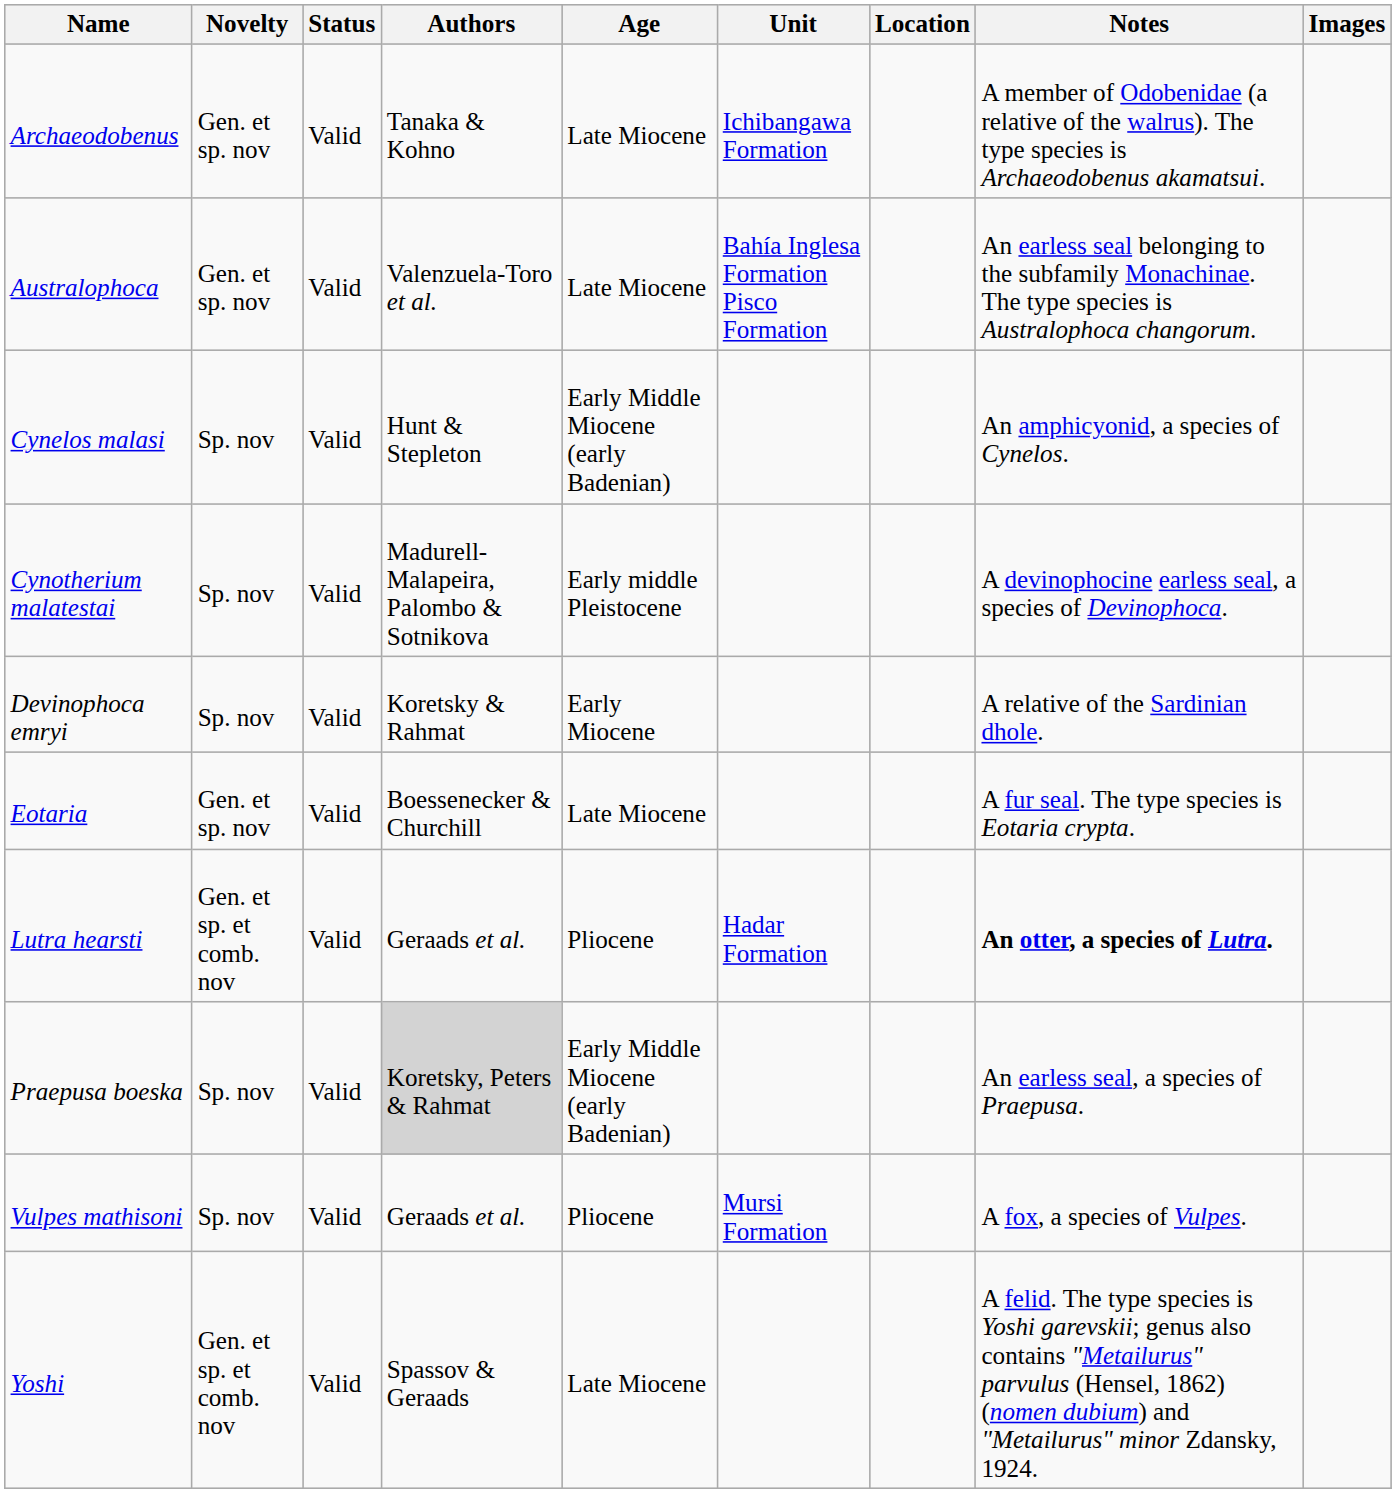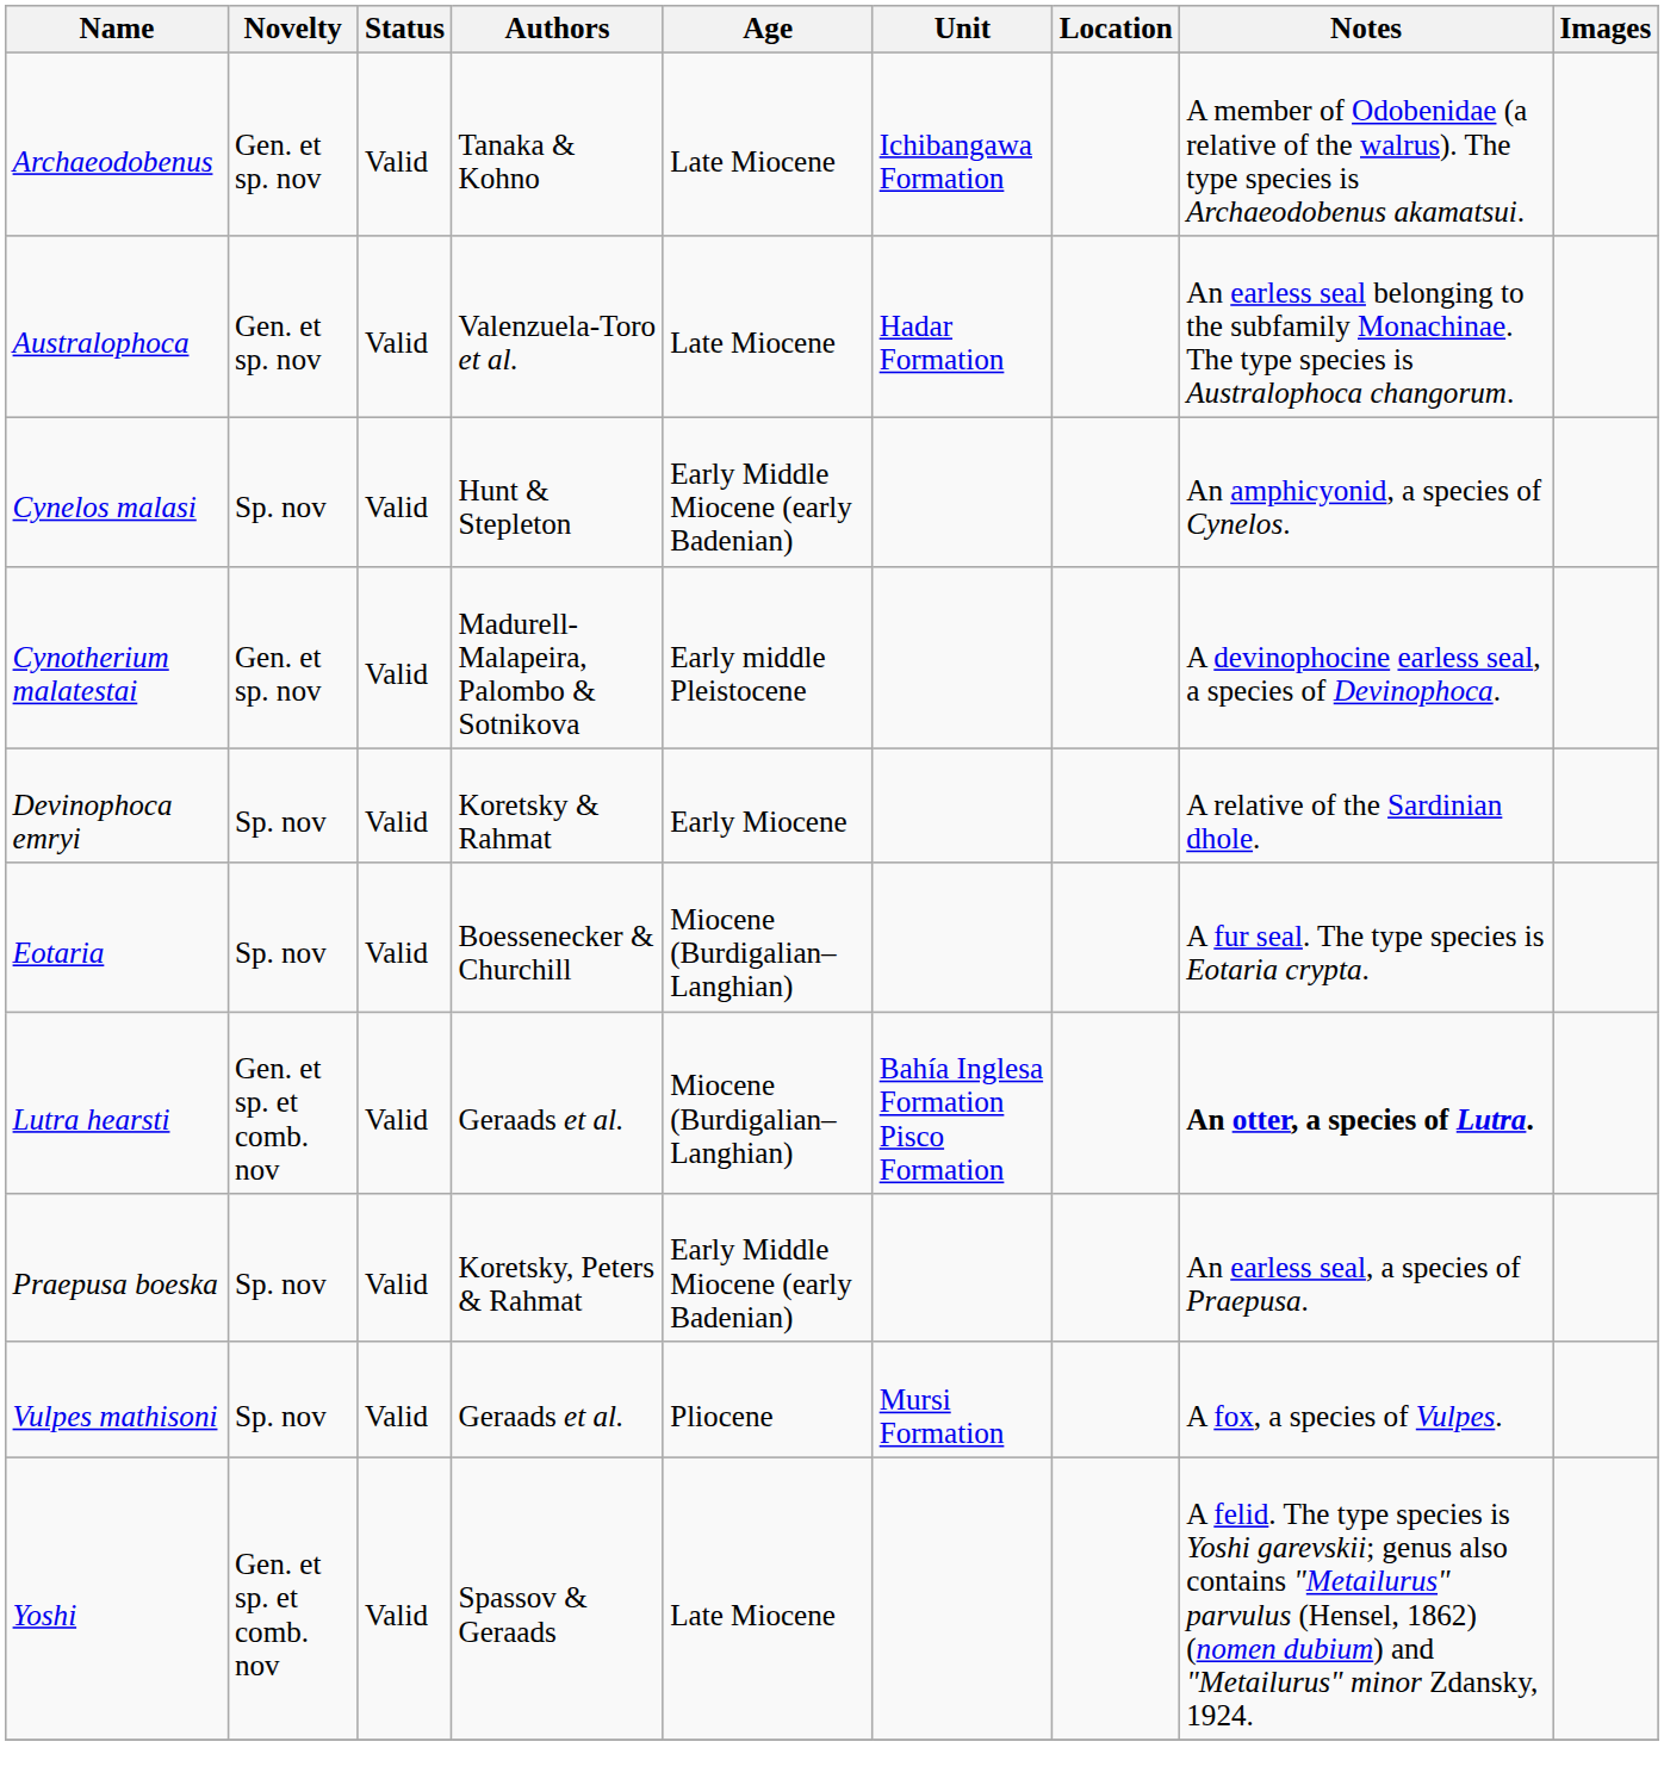 <table class="wikitable sortable" align="center" width="100%">
 <tr>
 <th>Name</th>
 <th>Novelty</th>
 <th>Status</th>
 <th>Authors</th>
 <th>Age</th>
 <th>Unit</th>
 <th>Location</th>
 <th>Notes</th>
 <th>Images</th>
 </tr>
 <tr>
 <td><br><em><a href='#'>Archaeodobenus</a></em></td>
 <td><br>Gen. et sp. nov</td>
 <td><br>Valid</td>
 <td><br>Tanaka & Kohno</td>
 <td><br>Late Miocene</td>
 <td><br><a href='#'>Ichibangawa Formation</a></td>
 <td><br></td>
 <td><br>A member of <a href='#'>Odobenidae</a> (a relative of the <a href='#'>walrus</a>). The type species is <em>Archaeodobenus akamatsui</em>.</td>
 <td></td>
 </tr>
 <tr>
 <td><br><em><a href='#'>Australophoca</a></em></td>
 <td><br>Gen. et sp. nov</td>
 <td><br>Valid</td>
 <td><br>Valenzuela-Toro <em>et al.</em></td>
 <td><br>Late Miocene</td>
-<td><br><a href='#'>Bahía Inglesa Formation</a><br> <a href='#'>Pisco Formation</a></td>
+<td><br><a href='#'>Hadar Formation</a></td>
 <td><br><br> </td>
 <td><br>An <a href='#'>earless seal</a> belonging to the subfamily <a href='#'>Monachinae</a>. The type species is <em>Australophoca changorum</em>.</td>
 <td></td>
 </tr>
 <tr>
 <td><br><em><a href='#'>Cynelos malasi</a></em></td>
 <td><br>Sp. nov</td>
 <td><br>Valid</td>
 <td><br>Hunt & Stepleton</td>
 <td><br>Early Middle Miocene (early Badenian)</td>
 <td></td>
 <td><br></td>
 <td><br>An <a href='#'>amphicyonid</a>, a species of <em>Cynelos</em>.</td>
 <td></td>
 </tr>
 <tr>
 <td><br><em><a href='#'>Cynotherium malatestai</a></em></td>
-<td><br>Sp. nov</td>
+<td><br>Gen. et sp. nov</td>
 <td><br>Valid</td>
 <td><br>Madurell-Malapeira, Palombo & Sotnikova</td>
 <td><br>Early middle Pleistocene</td>
 <td></td>
 <td><br></td>
 <td><br>A <a href='#'>devinophocine</a> <a href='#'>earless seal</a>, a species of <em><a href='#'>Devinophoca</a></em>.</td>
 <td></td>
 </tr>
 <tr>
 <td><br><em>Devinophoca emryi</em></td>
 <td><br>Sp. nov</td>
 <td><br>Valid</td>
 <td><br>Koretsky & Rahmat</td>
 <td><br>Early Miocene</td>
 <td></td>
 <td><br></td>
 <td><br>A relative of the <a href='#'>Sardinian dhole</a>.</td>
 <td></td>
 </tr>
 <tr>
 <td><br><em><a href='#'>Eotaria</a></em></td>
-<td><br>Gen. et sp. nov</td>
+<td><br>Sp. nov</td>
 <td><br>Valid</td>
 <td><br>Boessenecker & Churchill</td>
-<td><br>Late Miocene</td>
+<td><br>Miocene (Burdigalian–Langhian)</td>
 <td></td>
 <td><br></td>
 <td><br>A <a href='#'>fur seal</a>. The type species is <em>Eotaria crypta</em>.</td>
 <td></td>
 </tr>
 <tr>
 <td><br><em><a href='#'>Lutra hearsti</a></em></td>
 <td><br>Gen. et sp. et comb. nov</td>
 <td><br>Valid</td>
 <td><br>Geraads <em>et al.</em></td>
-<td><br>Pliocene</td>
-<td><br><a href='#'>Hadar Formation</a></td>
+<td><br>Miocene (Burdigalian–Langhian)</td>
+<td><br><a href='#'>Bahía Inglesa Formation</a><br> <a href='#'>Pisco Formation</a></td>
 <td><br></td>
 <td><strong><br>An <a href='#'>otter</a>, a species of <em><a href='#'>Lutra</a></em>.</strong></td>
 <td></td>
 </tr>
 <tr>
 <td><br><em>Praepusa boeska</em></td>
 <td><br>Sp. nov</td>
 <td><br>Valid</td>
-<td style="background: lightgrey;"><br>Koretsky, Peters & Rahmat</td>
+<td><br>Koretsky, Peters & Rahmat</td>
 <td><br>Early Middle Miocene (early Badenian)</td>
 <td></td>
 <td><br><br> </td>
 <td><br>An <a href='#'>earless seal</a>, a species of <em>Praepusa</em>.</td>
 <td></td>
 </tr>
 <tr>
 <td><br><em><a href='#'>Vulpes mathisoni</a></em></td>
 <td><br>Sp. nov</td>
 <td><br>Valid</td>
 <td><br>Geraads <em>et al.</em></td>
 <td><br>Pliocene</td>
 <td><br><a href='#'>Mursi Formation</a></td>
 <td><br></td>
 <td><br>A <a href='#'>fox</a>, a species of <em><a href='#'>Vulpes</a></em>.</td>
 <td></td>
 </tr>
 <tr>
 <td><br><em><a href='#'>Yoshi</a></em></td>
 <td><br>Gen. et sp. et comb. nov</td>
 <td><br>Valid</td>
 <td><br>Spassov & Geraads</td>
 <td><br>Late Miocene</td>
 <td></td>
 <td><br><br><br> </td>
 <td><br>A <a href='#'>felid</a>. The type species is <em>Yoshi garevskii</em>; genus also contains <em>"<a href='#'>Metailurus</a>" parvulus</em> (Hensel, 1862) (<em><a href='#'>nomen dubium</a></em>) and <em>"Metailurus" minor</em> Zdansky, 1924.</td>
 <td></td>
 </tr>
 <tr>
 </tr>
 </table>
